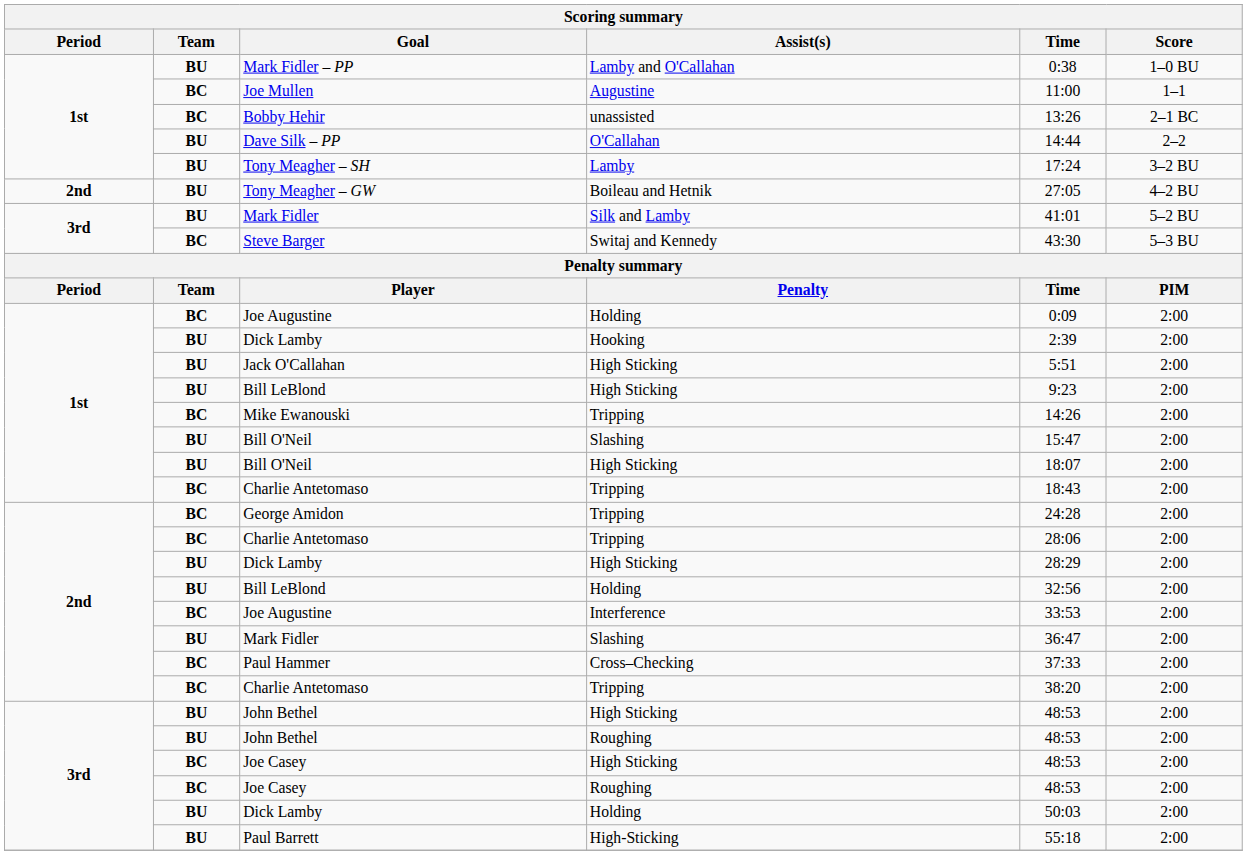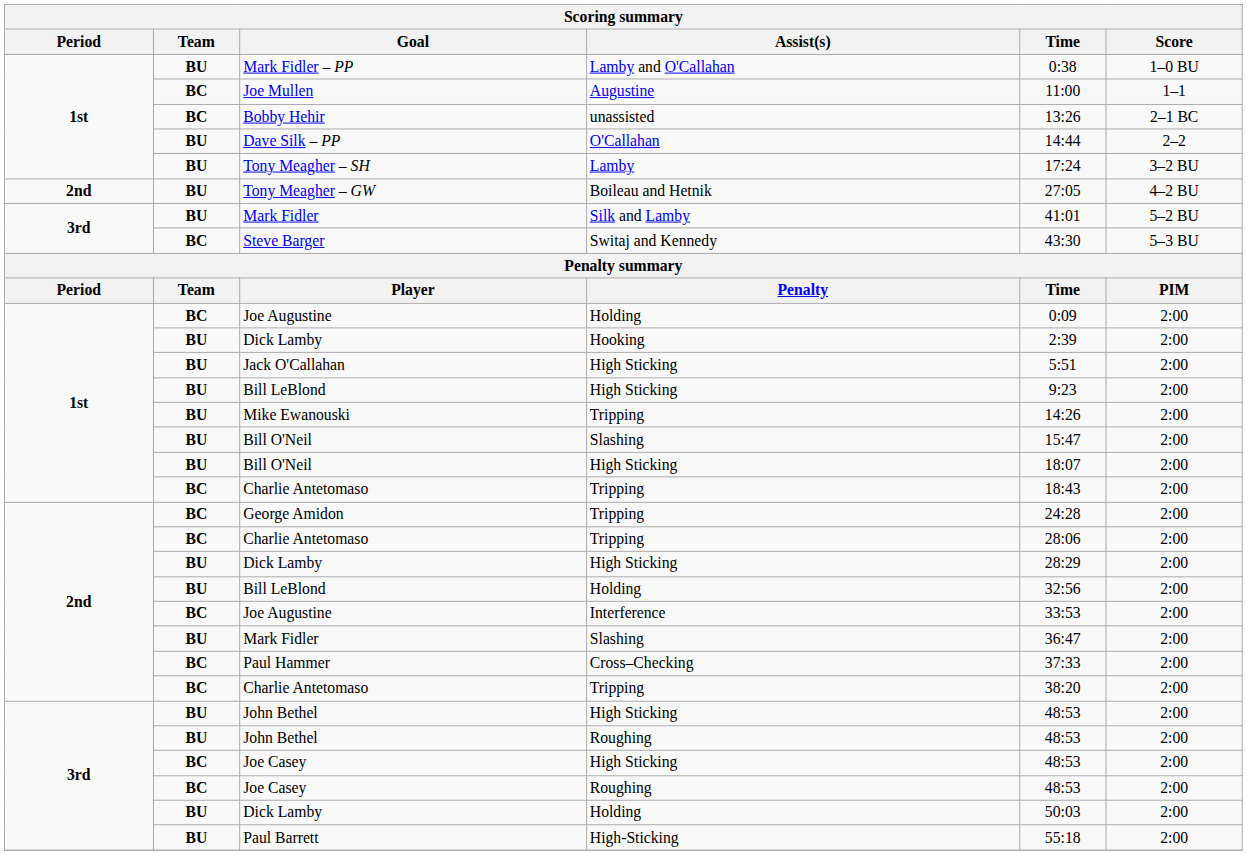 <table style="width:100%;" class="wikitable">
 <tr>
 <th colspan=6>Scoring summary</th>
 </tr>
 <tr>
 <th style="width:12%;">Period</th>
 <th style="width:7%;">Team</th>
 <th style="width:28%;">Goal</th>
 <th style="width:35%;">Assist(s)</th>
 <th style="width:7%;">Time</th>
 <th style="width:11%;">Score</th>
 </tr>
 <tr>
 <td style="text-align:center;" rowspan="5"><strong>1st</strong></td>
 <td align=center><strong>BU</strong></td>
 <td><a href='#'>Mark Fidler</a> – <em>PP</em></td>
 <td><a href='#'>Lamby</a> and <a href='#'>O'Callahan</a></td>
 <td align=center>0:38</td>
 <td align=center>1–0 BU</td>
 </tr>
 <tr>
 <td align=center><strong>BC</strong></td>
 <td><a href='#'>Joe Mullen</a></td>
 <td><a href='#'>Augustine</a></td>
 <td align=center>11:00</td>
 <td align=center>1–1</td>
 </tr>
 <tr>
 <td align=center><strong>BC</strong></td>
 <td><a href='#'>Bobby Hehir</a></td>
 <td>unassisted</td>
 <td align=center>13:26</td>
 <td align=center>2–1 BC</td>
 </tr>
 <tr>
 <td align=center><strong>BU</strong></td>
 <td><a href='#'>Dave Silk</a> – <em>PP</em></td>
 <td><a href='#'>O'Callahan</a></td>
 <td align=center>14:44</td>
 <td align=center>2–2</td>
 </tr>
 <tr>
 <td align=center><strong>BU</strong></td>
 <td><a href='#'>Tony Meagher</a> – <em>SH</em></td>
 <td><a href='#'>Lamby</a></td>
 <td align=center>17:24</td>
 <td align=center>3–2 BU</td>
 </tr>
 <tr>
 <td style="text-align:center;" rowspan="1"><strong>2nd</strong></td>
 <td align=center><strong>BU</strong></td>
 <td><a href='#'>Tony Meagher</a> – <em>GW</em></td>
 <td>Boileau and Hetnik</td>
 <td align=center>27:05</td>
 <td align=center>4–2 BU</td>
 </tr>
 <tr>
 <td style="text-align:center;" rowspan="2"><strong>3rd</strong></td>
 <td align=center><strong>BU</strong></td>
 <td><a href='#'>Mark Fidler</a></td>
 <td><a href='#'>Silk</a> and <a href='#'>Lamby</a></td>
 <td align=center>41:01</td>
 <td align=center>5–2 BU</td>
 </tr>
 <tr>
 <td align=center><strong>BC</strong></td>
 <td><a href='#'>Steve Barger</a></td>
 <td>Switaj and Kennedy</td>
 <td align=center>43:30</td>
 <td align=center>5–3 BU</td>
 </tr>
 <tr>
 <th colspan=6>Penalty summary</th>
 </tr>
 <tr>
 <th style="width:12%;">Period</th>
 <th style="width:7%;">Team</th>
 <th style="width:28%;">Player</th>
 <th style="width:35%;"><a href='#'>Penalty</a></th>
 <th style="width:7%;">Time</th>
 <th style="width:11%;">PIM</th>
 </tr>
 <tr>
 <td style="text-align:center;" rowspan="8"><strong>1st</strong></td>
 <td align=center><strong>BC</strong></td>
 <td>Joe Augustine</td>
 <td>Holding</td>
 <td align=center>0:09</td>
 <td align=center>2:00</td>
 </tr>
 <tr>
 <td align=center><strong>BU</strong></td>
 <td>Dick Lamby</td>
 <td>Hooking</td>
 <td align=center>2:39</td>
 <td align=center>2:00</td>
 </tr>
 <tr>
 <td align=center><strong>BU</strong></td>
 <td>Jack O'Callahan</td>
 <td>High Sticking</td>
 <td align=center>5:51</td>
 <td align=center>2:00</td>
 </tr>
 <tr>
 <td align=center><strong>BU</strong></td>
 <td>Bill LeBlond</td>
 <td>High Sticking</td>
 <td align=center>9:23</td>
 <td align=center>2:00</td>
 </tr>
 <tr>
-<td align=center><strong>BC</strong></td>
+<td align=center><strong>BU</strong></td>
 <td>Mike Ewanouski</td>
 <td>Tripping</td>
 <td align=center>14:26</td>
 <td align=center>2:00</td>
 </tr>
 <tr>
 <td align=center><strong>BU</strong></td>
 <td>Bill O'Neil</td>
 <td>Slashing</td>
 <td align=center>15:47</td>
 <td align=center>2:00</td>
 </tr>
 <tr>
 <td align=center><strong>BU</strong></td>
 <td>Bill O'Neil</td>
 <td>High Sticking</td>
 <td align=center>18:07</td>
 <td align=center>2:00</td>
 </tr>
 <tr>
 <td align=center><strong>BC</strong></td>
 <td>Charlie Antetomaso</td>
 <td>Tripping</td>
 <td align=center>18:43</td>
 <td align=center>2:00</td>
 </tr>
 <tr>
 <td style="text-align:center;" rowspan="8"><strong>2nd</strong></td>
 <td align=center><strong>BC</strong></td>
 <td>George Amidon</td>
 <td>Tripping</td>
 <td align=center>24:28</td>
 <td align=center>2:00</td>
 </tr>
 <tr>
 <td align=center><strong>BC</strong></td>
 <td>Charlie Antetomaso</td>
 <td>Tripping</td>
 <td align=center>28:06</td>
 <td align=center>2:00</td>
 </tr>
 <tr>
 <td align=center><strong>BU</strong></td>
 <td>Dick Lamby</td>
 <td>High Sticking</td>
 <td align=center>28:29</td>
 <td align=center>2:00</td>
 </tr>
 <tr>
 <td align=center><strong>BU</strong></td>
 <td>Bill LeBlond</td>
 <td>Holding</td>
 <td align=center>32:56</td>
 <td align=center>2:00</td>
 </tr>
 <tr>
 <td align=center><strong>BC</strong></td>
 <td>Joe Augustine</td>
 <td>Interference</td>
 <td align=center>33:53</td>
 <td align=center>2:00</td>
 </tr>
 <tr>
 <td align=center><strong>BU</strong></td>
 <td>Mark Fidler</td>
 <td>Slashing</td>
 <td align=center>36:47</td>
 <td align=center>2:00</td>
 </tr>
 <tr>
 <td align=center><strong>BC</strong></td>
 <td>Paul Hammer</td>
 <td>Cross–Checking</td>
 <td align=center>37:33</td>
 <td align=center>2:00</td>
 </tr>
 <tr>
 <td align=center><strong>BC</strong></td>
 <td>Charlie Antetomaso</td>
 <td>Tripping</td>
 <td align=center>38:20</td>
 <td align=center>2:00</td>
 </tr>
 <tr>
 <td style="text-align:center;" rowspan="6"><strong>3rd</strong></td>
 <td align=center><strong>BU</strong></td>
 <td>John Bethel</td>
 <td>High Sticking</td>
 <td align=center>48:53</td>
 <td align=center>2:00</td>
 </tr>
 <tr>
 <td align=center><strong>BU</strong></td>
 <td>John Bethel</td>
 <td>Roughing</td>
 <td align=center>48:53</td>
 <td align=center>2:00</td>
 </tr>
 <tr>
 <td align=center><strong>BC</strong></td>
 <td>Joe Casey</td>
 <td>High Sticking</td>
 <td align=center>48:53</td>
 <td align=center>2:00</td>
 </tr>
 <tr>
 <td align=center><strong>BC</strong></td>
 <td>Joe Casey</td>
 <td>Roughing</td>
 <td align=center>48:53</td>
 <td align=center>2:00</td>
 </tr>
 <tr>
 <td align=center><strong>BU</strong></td>
 <td>Dick Lamby</td>
 <td>Holding</td>
 <td align=center>50:03</td>
 <td align=center>2:00</td>
 </tr>
 <tr>
 <td align=center><strong>BU</strong></td>
 <td>Paul Barrett</td>
 <td>High-Sticking</td>
 <td align=center>55:18</td>
 <td align=center>2:00</td>
 </tr>
 <tr>
 </tr>
 </table>
